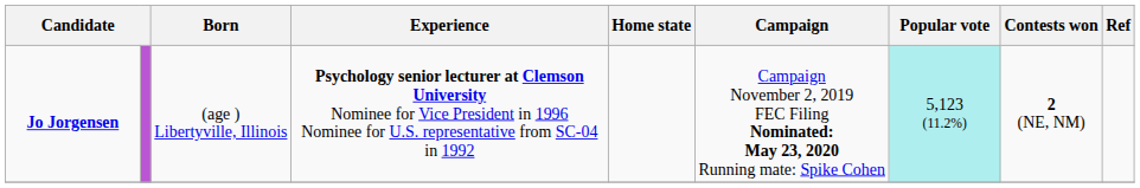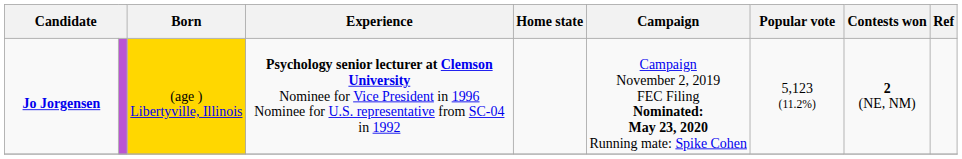 <table class="wikitable" style="text-align:center;">
 <tr>
 <th colspan="2" style="padding:10px; width:120px; ">Candidate</th>
 <th>Born</th>
 <th style="width:300px;" class="unsortable">Experience</th>
 <th>Home state</th>
 <th>Campaign</th>
 <th style="padding:10px;">Popular vote</th>
 <th>Contests won</th>
 <th class="unsortable">Ref</th>
 </tr>
 <tr>
 <td data-sort-value="Jorgensen, Jo"><br><strong><a href='#'>Jo Jorgensen</a></strong></td>
 <td style="background:#BA55D3;"></td>
-<td><br> (age )<br><a href='#'>Libertyville, Illinois</a></td>
+<td style="background: gold;"><br> (age )<br><a href='#'>Libertyville, Illinois</a></td>
 <td><strong>Psychology senior lecturer at <a href='#'>Clemson University</a></strong><br>Nominee for <a href='#'>Vice President</a> in <a href='#'>1996</a><br>Nominee for <a href='#'>U.S. representative</a> from <a href='#'>SC-04</a> in <a href='#'>1992</a></td>
 <td></td>
 <td><br><a href='#'>Campaign</a><br>November 2, 2019<br>FEC Filing <br><strong>Nominated:</strong><br><strong>May 23, 2020</strong><br>Running mate: <a href='#'>Spike Cohen</a></td>
-<td data-sort-value="5123" style="background: paleturquoise;">5,123<br><small>(11.2%)</small></td>
+<td data-sort-value="5123">5,123<br><small>(11.2%)</small></td>
 <td data-sort-value="2"><strong>2</strong><br>(NE, NM)</td>
 <td></td>
 </tr>
 <tr>
 </tr>
 </table>
